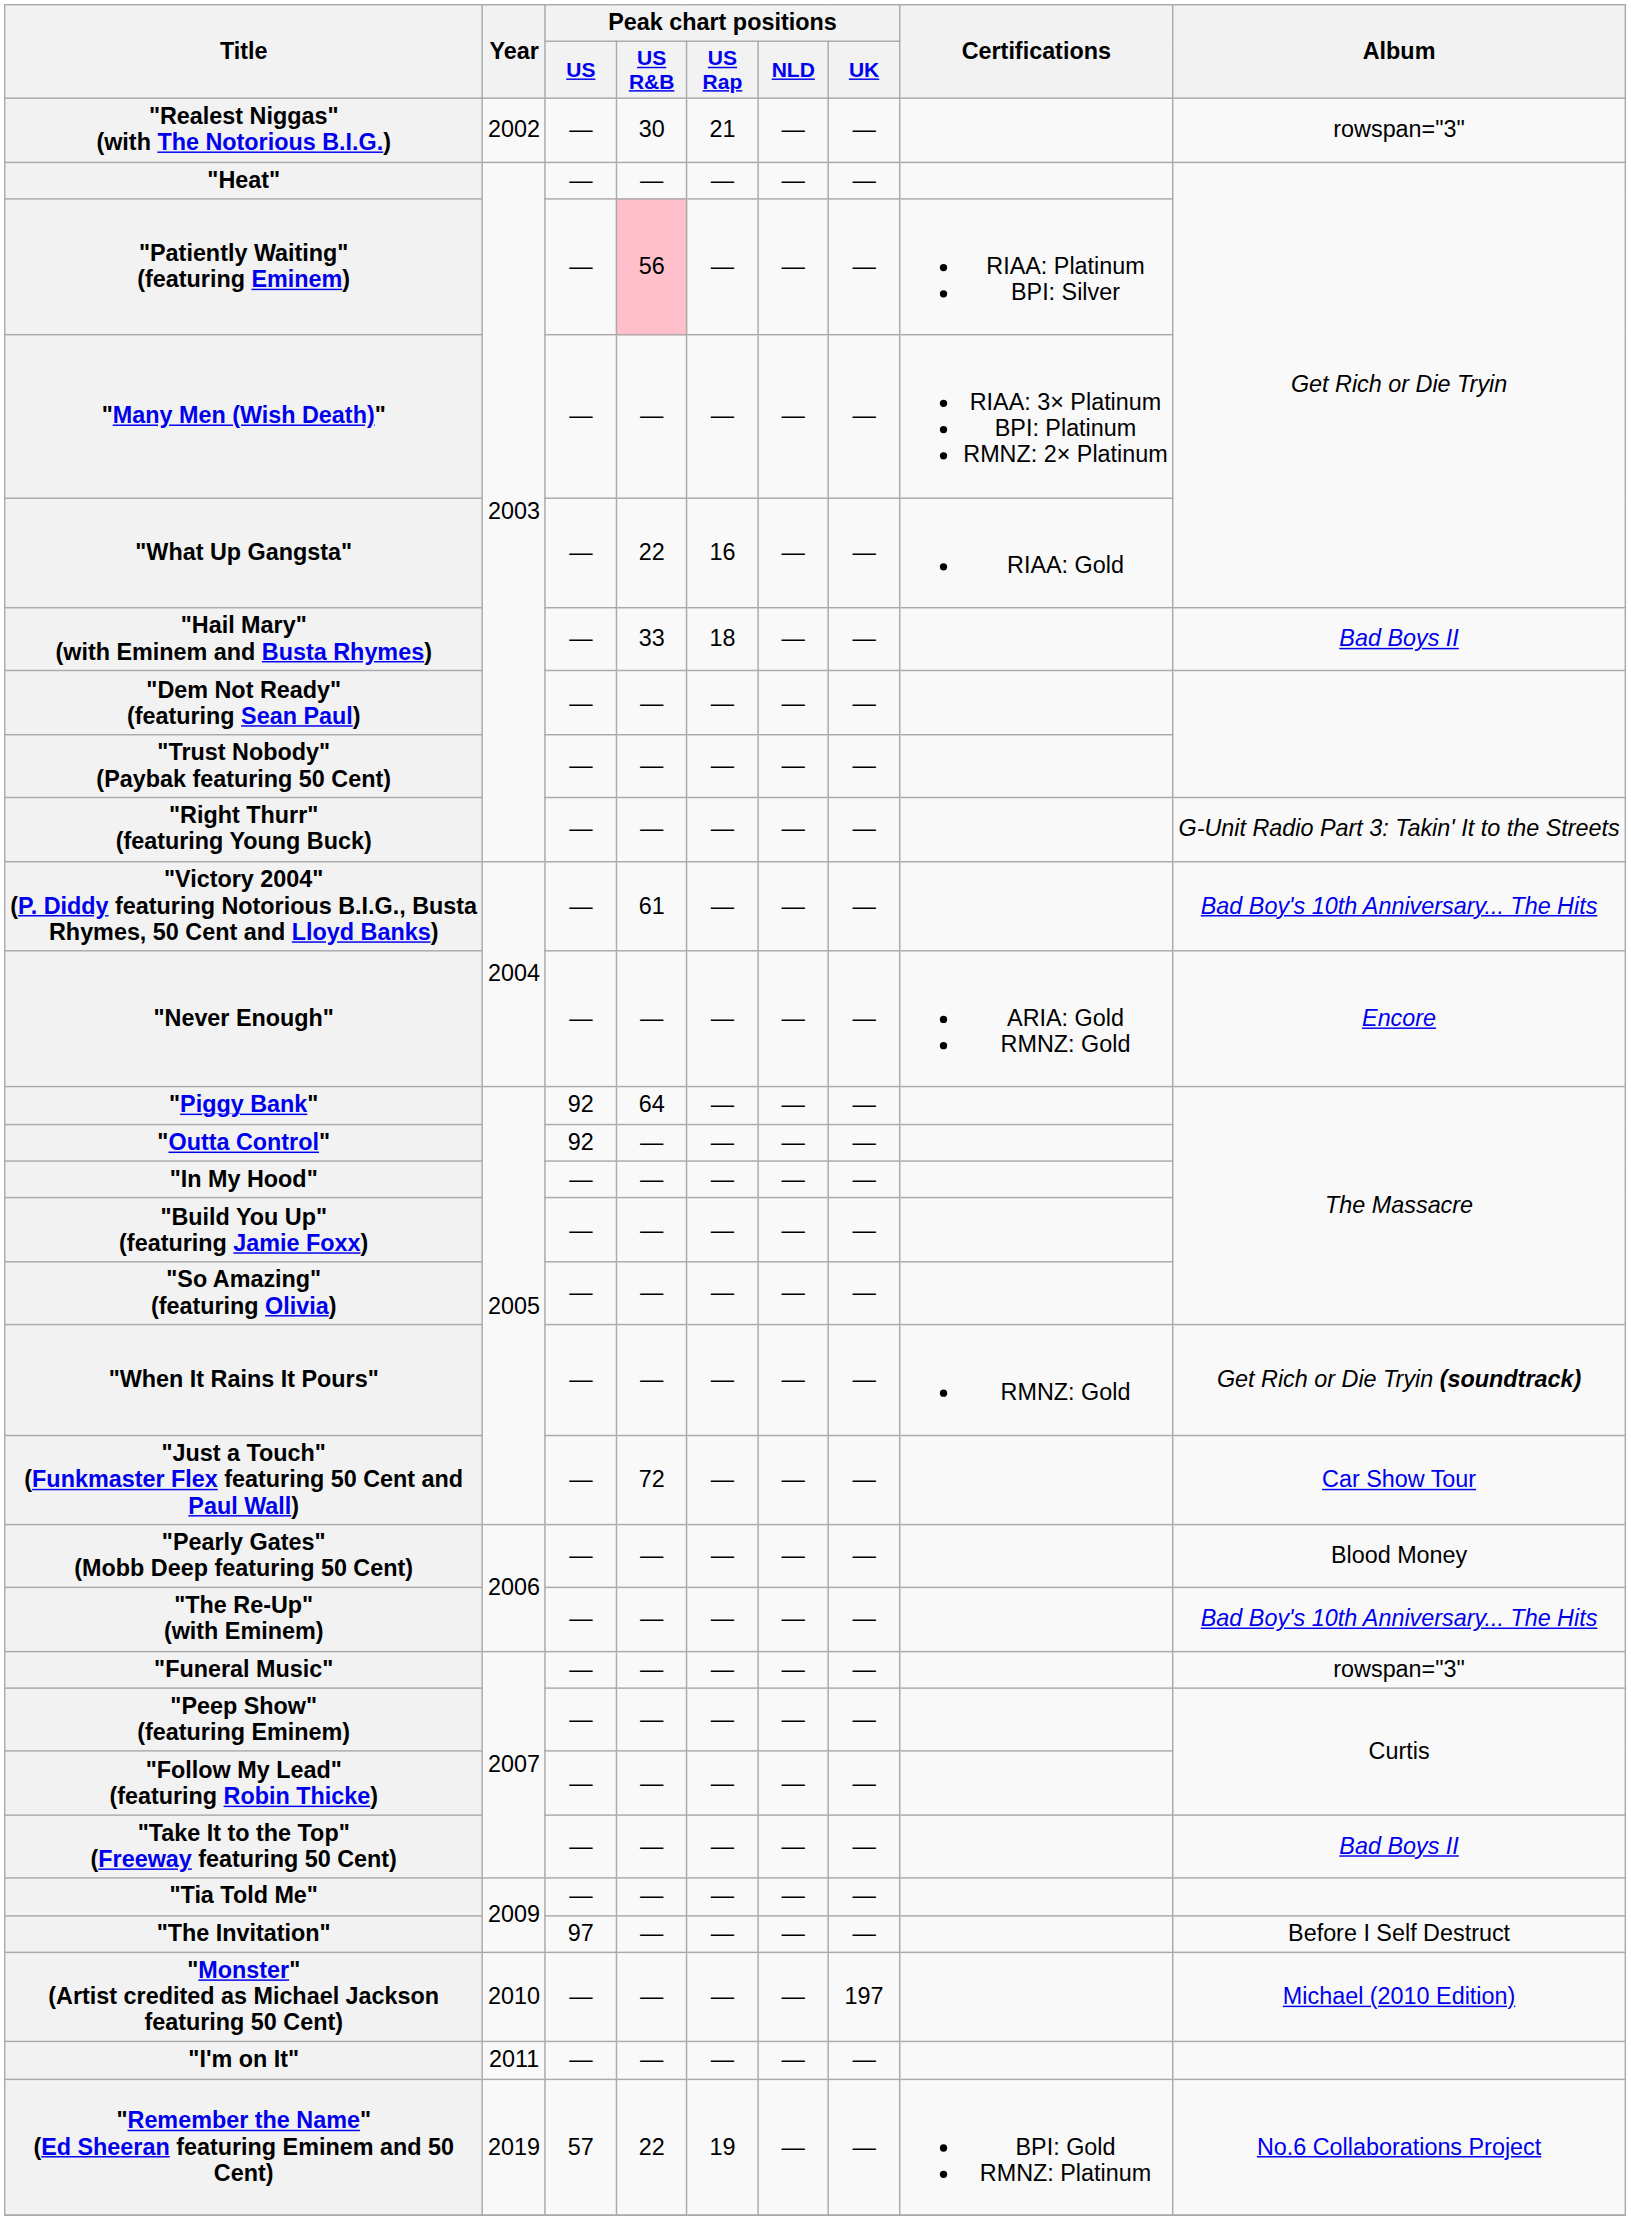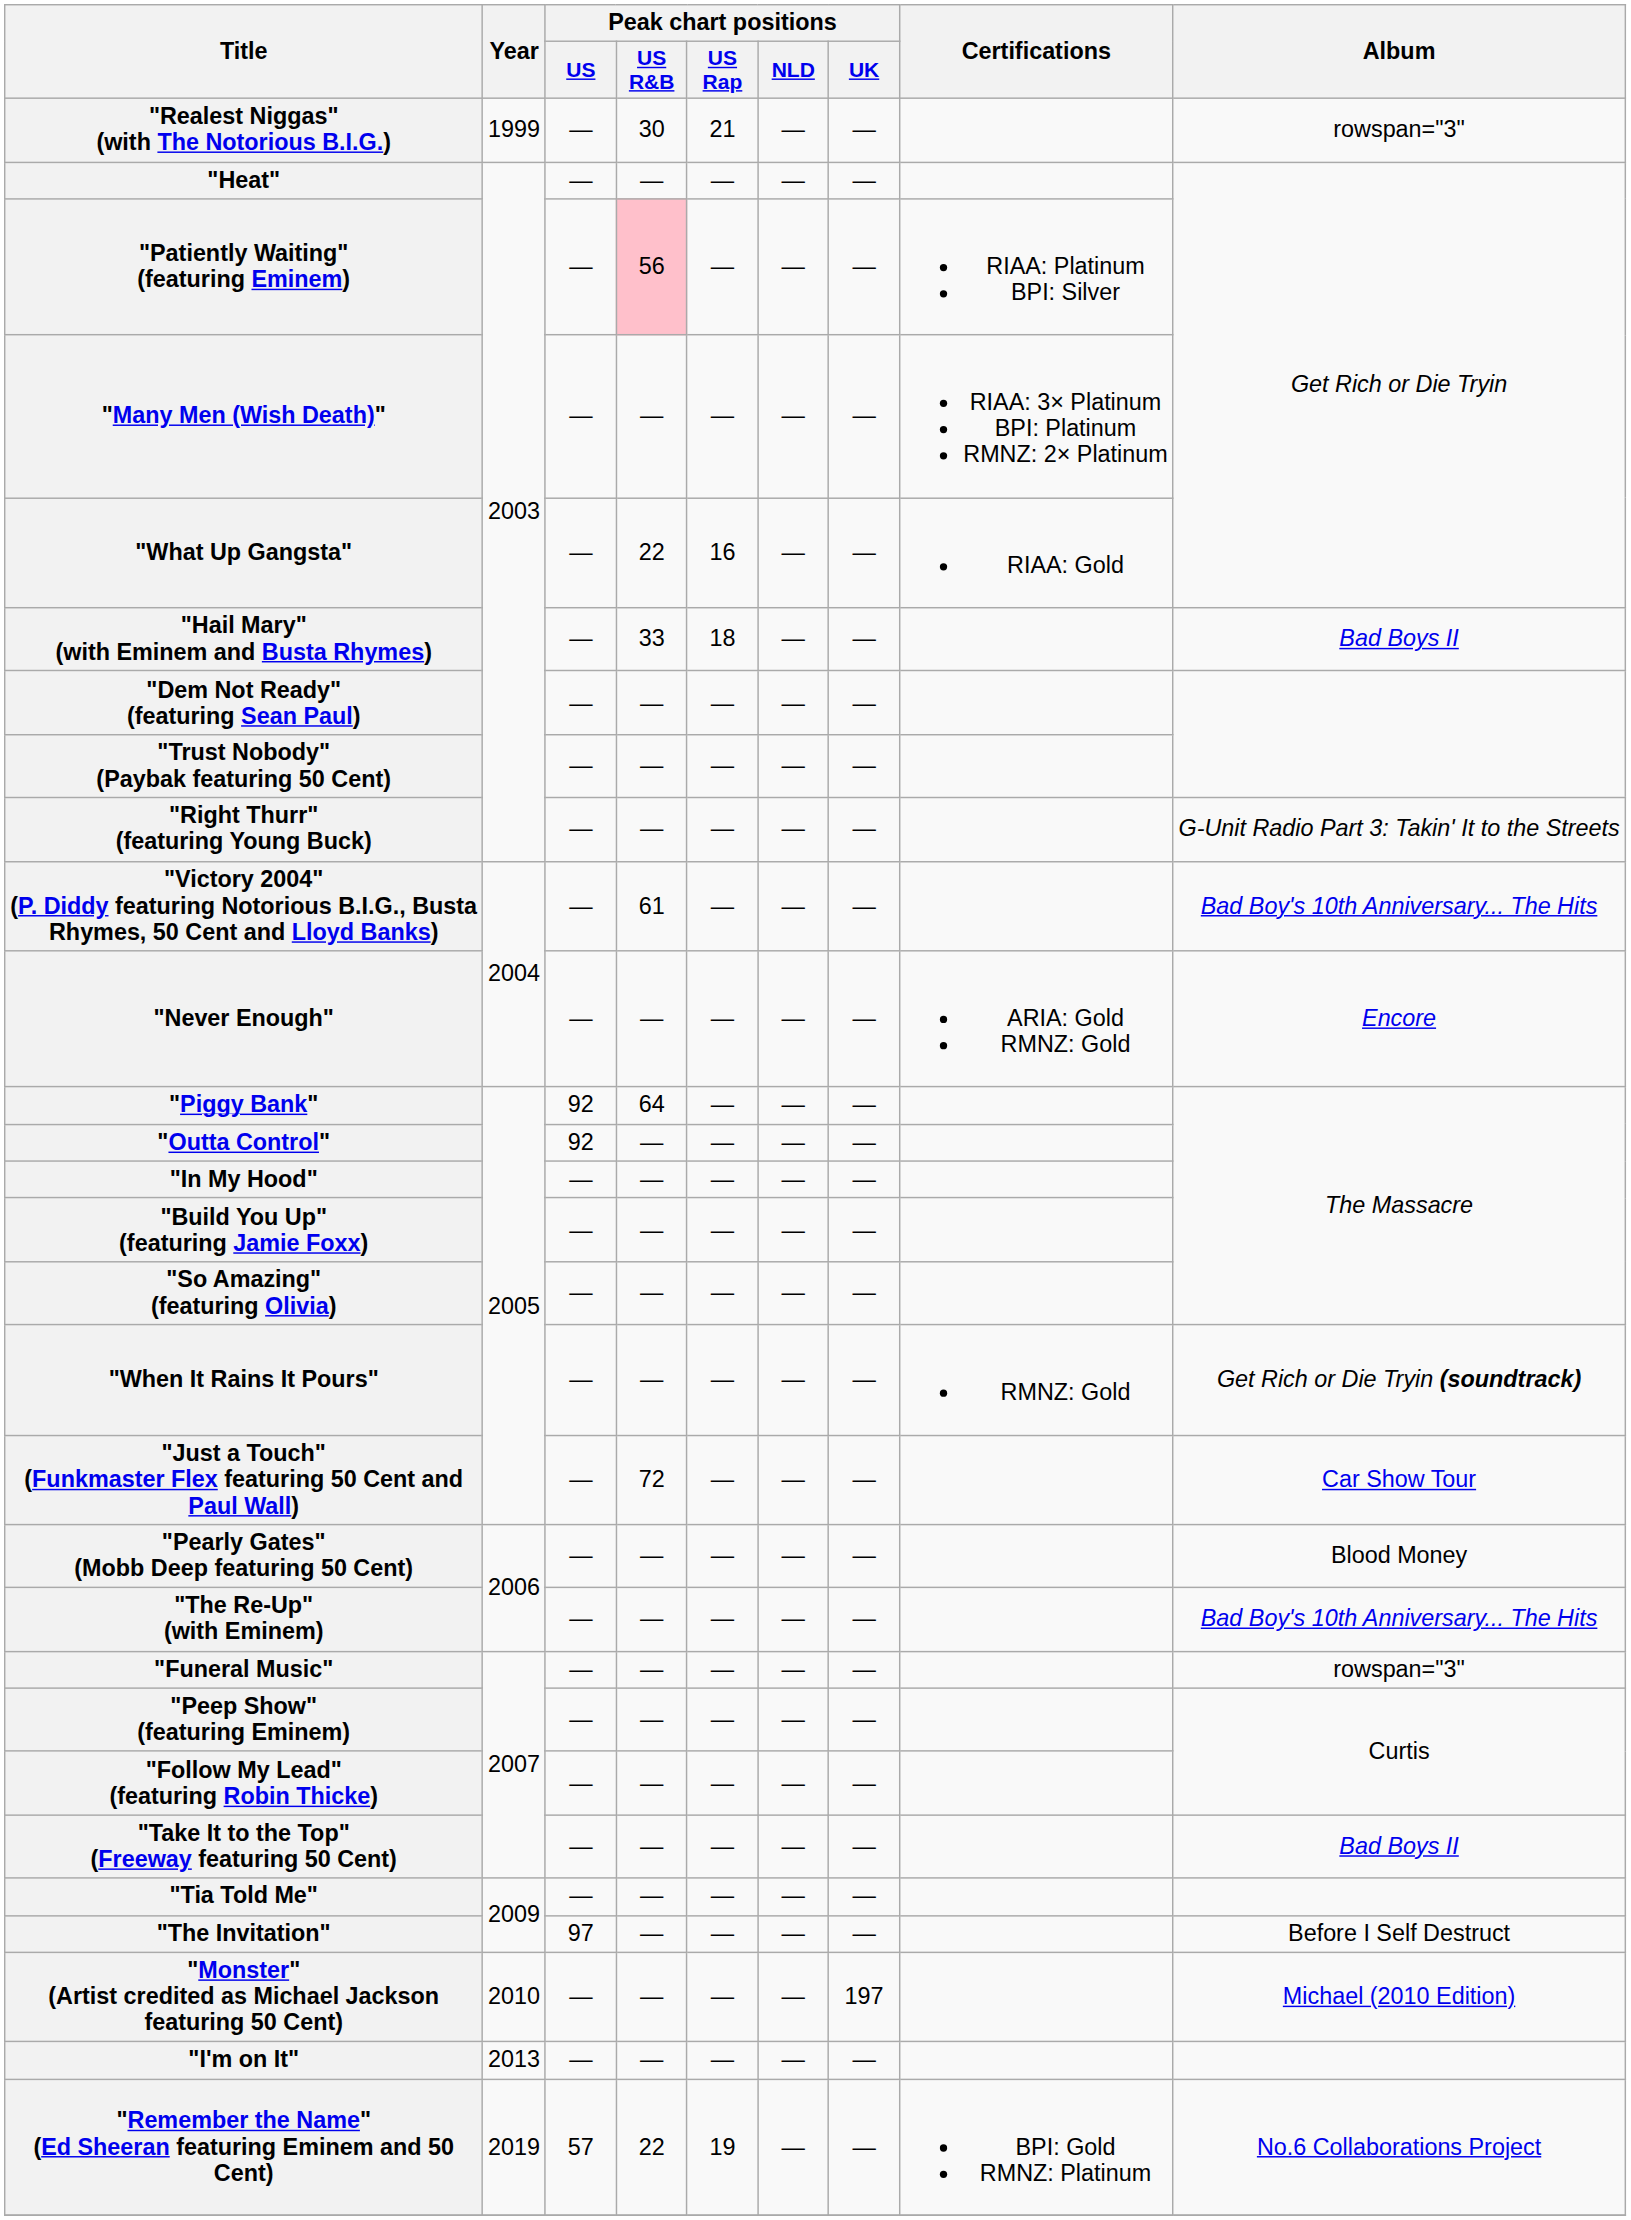 <table class="wikitable plainrowheaders" style="text-align:center;">
 <tr>
 <th scope="col" rowspan="2" style="width:20em;">Title</th>
 <th scope="col" rowspan="2">Year</th>
 <th scope="col" colspan="5">Peak chart positions</th>
 <th scope="col" rowspan="2">Certifications</th>
 <th scope="col" rowspan="2">Album</th>
 </tr>
 <tr>
 <th scope="col" style="width:2.9em;font-size:90%;"><a href='#'>US</a><br></th>
 <th scope="col" style="width:2.9em;font-size:90%;"><a href='#'>US<br>R&B</a><br></th>
 <th scope="col" style="width:2.9em;font-size:90%;"><a href='#'>US<br>Rap</a><br></th>
 <th scope="col" style="width:2.9em;font-size:90%;"><a href='#'>NLD</a><br></th>
 <th scope="col" style="width:2.9em;font-size:90%;"><a href='#'>UK</a><br></th>
 </tr>
 <tr>
 <th scope="row">"Realest Niggas"<br><span>(with <a href='#'>The Notorious B.I.G.</a>)</span></th>
-<td>2002</td>
+<td>1999</td>
 <td>—</td>
 <td>30</td>
 <td>21</td>
 <td>—</td>
 <td>—</td>
 <td></td>
 <td>rowspan="3" </td>
 </tr>
 <tr>
 <th scope="row">"Heat"</th>
 <td rowspan="8">2003</td>
 <td>—</td>
 <td>—</td>
 <td>—</td>
 <td>—</td>
 <td>—</td>
 <td></td>
 <td rowspan="4"><em>Get Rich or Die Tryin</em></td>
 </tr>
 <tr>
 <th scope="row">"Patiently Waiting"<br><span>(featuring <a href='#'>Eminem</a>)</span></th>
 <td>—</td>
 <td style="background: pink;">56</td>
 <td>—</td>
 <td>—</td>
 <td>—</td>
 <td><br><ul><li>RIAA: Platinum</li><li>BPI: Silver</li></ul></td>
 </tr>
 <tr>
 <th scope="row">"<a href='#'>Many Men (Wish Death)</a>"</th>
 <td>—</td>
 <td>—</td>
 <td>—</td>
 <td>—</td>
 <td>—</td>
 <td><br><ul><li>RIAA: 3× Platinum</li><li>BPI: Platinum</li><li>RMNZ: 2× Platinum</li></ul></td>
 </tr>
 <tr>
 <th scope="row">"What Up Gangsta"</th>
 <td>—</td>
 <td>22</td>
 <td>16</td>
 <td>—</td>
 <td>—</td>
 <td><br><ul><li>RIAA: Gold</li></ul></td>
 </tr>
 <tr>
 <th scope="row">"Hail Mary"<br><span>(with Eminem and <a href='#'>Busta Rhymes</a>)</span></th>
 <td>—</td>
 <td>33</td>
 <td>18</td>
 <td>—</td>
 <td>—</td>
 <td></td>
 <td><em><a href='#'>Bad Boys II</a></em></td>
 </tr>
 <tr>
 <th scope="row">"Dem Not Ready"<br><span>(featuring <a href='#'>Sean Paul</a>)</span></th>
 <td>—</td>
 <td>—</td>
 <td>—</td>
 <td>—</td>
 <td>—</td>
 <td></td>
 </tr>
 <tr>
 <th scope="row">"Trust Nobody"<br><span>(Paybak featuring 50 Cent)</span></th>
 <td>—</td>
 <td>—</td>
 <td>—</td>
 <td>—</td>
 <td>—</td>
 <td></td>
 </tr>
 <tr>
 <th scope="row">"Right Thurr"<br><span>(featuring Young Buck)</span></th>
 <td>—</td>
 <td>—</td>
 <td>—</td>
 <td>—</td>
 <td>—</td>
 <td></td>
 <td><em>G-Unit Radio Part 3: Takin' It to the Streets</em></td>
 </tr>
 <tr>
 <th scope="row">"Victory 2004"<br><span>(<a href='#'>P. Diddy</a> featuring Notorious B.I.G., Busta Rhymes, 50 Cent and <a href='#'>Lloyd Banks</a>)</span></th>
 <td rowspan=2>2004</td>
 <td>—</td>
 <td>61</td>
 <td>—</td>
 <td>—</td>
 <td>—</td>
 <td></td>
 <td><em><a href='#'>Bad Boy's 10th Anniversary... The Hits</a></em></td>
 </tr>
 <tr>
 <th scope="row">"Never Enough"<br></th>
 <td>—</td>
 <td>—</td>
 <td>—</td>
 <td>—</td>
 <td>—</td>
 <td><br><ul><li>ARIA: Gold</li><li>RMNZ: Gold</li></ul></td>
 <td><em><a href='#'>Encore</a></em></td>
 </tr>
 <tr>
 <th scope="row">"<a href='#'>Piggy Bank</a>"</th>
 <td rowspan="7">2005</td>
 <td>92</td>
 <td>64</td>
 <td>—</td>
 <td>—</td>
 <td>—</td>
 <td></td>
 <td rowspan="5"><em>The Massacre</em></td>
 </tr>
 <tr>
 <th scope="row">"<a href='#'>Outta Control</a>"</th>
 <td>92</td>
 <td>—</td>
 <td>—</td>
 <td>—</td>
 <td>—</td>
 <td></td>
 </tr>
 <tr>
 <th scope="row">"In My Hood"</th>
 <td>—</td>
 <td>—</td>
 <td>—</td>
 <td>—</td>
 <td>—</td>
 <td></td>
 </tr>
 <tr>
 <th scope="row">"Build You Up"<br><span>(featuring <a href='#'>Jamie Foxx</a>)</span></th>
 <td>—</td>
 <td>—</td>
 <td>—</td>
 <td>—</td>
 <td>—</td>
 <td></td>
 </tr>
 <tr>
 <th scope="row">"So Amazing"<br><span>(featuring <a href='#'>Olivia</a>)</span></th>
 <td>—</td>
 <td>—</td>
 <td>—</td>
 <td>—</td>
 <td>—</td>
 <td></td>
 </tr>
 <tr>
 <th scope="row">"When It Rains It Pours"</th>
 <td>—</td>
 <td>—</td>
 <td>—</td>
 <td>—</td>
 <td>—</td>
 <td><br><ul><li>RMNZ: Gold</li></ul></td>
 <td><em>Get Rich or Die Tryin<strong> (soundtrack)</td>
 </tr>
 <tr>
 <th scope="row">"Just a Touch"<br><span>(<a href='#'>Funkmaster Flex</a> featuring 50 Cent and <a href='#'>Paul Wall</a>)</span></th>
 <td>—</td>
 <td>72</td>
 <td>—</td>
 <td>—</td>
 <td>—</td>
 <td></td>
 <td></em><a href='#'>Car Show Tour</a><em></td>
 </tr>
 <tr>
 <th scope="row">"Pearly Gates"<br><span>(Mobb Deep featuring 50 Cent)</span></th>
 <td rowspan="2">2006</td>
 <td>—</td>
 <td>—</td>
 <td>—</td>
 <td>—</td>
 <td>—</td>
 <td></td>
 <td></em>Blood Money<em></td>
 </tr>
 <tr>
 <th scope="row">"The Re-Up"<br><span>(with Eminem)</span></th>
 <td>—</td>
 <td>—</td>
 <td>—</td>
 <td>—</td>
 <td>—</td>
 <td></td>
 <td><em><a href='#'>Bad Boy's 10th Anniversary... The Hits</a></em></td>
 </tr>
 <tr>
 <th scope="row">"Funeral Music"</th>
 <td rowspan="4">2007</td>
 <td>—</td>
 <td>—</td>
 <td>—</td>
 <td>—</td>
 <td>—</td>
 <td></td>
 <td>rowspan="3" </td>
 </tr>
 <tr>
 <th scope="row">"Peep Show"<br><span>(featuring Eminem)</span></th>
 <td>—</td>
 <td>—</td>
 <td>—</td>
 <td>—</td>
 <td>—</td>
 <td></td>
 <td rowspan="2"></em>Curtis<em></td>
 </tr>
 <tr>
 <th scope="row">"Follow My Lead"<br><span>(featuring <a href='#'>Robin Thicke</a>)</span></th>
 <td>—</td>
 <td>—</td>
 <td>—</td>
 <td>—</td>
 <td>—</td>
 <td></td>
 </tr>
 <tr>
 <th scope="row">"Take It to the Top"<br><span>(<a href='#'>Freeway</a> featuring 50 Cent)</span></th>
 <td>—</td>
 <td>—</td>
 <td>—</td>
 <td>—</td>
 <td>—</td>
 <td></td>
 <td><em><a href='#'>Bad Boys II</a></em></td>
 </tr>
 <tr>
 <th scope="row">"Tia Told Me"</th>
 <td rowspan="2">2009</td>
 <td>—</td>
 <td>—</td>
 <td>—</td>
 <td>—</td>
 <td>—</td>
 <td></td>
 <td></td>
 </tr>
 <tr>
 <th scope="row">"The Invitation"</th>
 <td>97</td>
 <td>—</td>
 <td>—</td>
 <td>—</td>
 <td>—</td>
 <td></td>
 <td></em>Before I Self Destruct<em></td>
 </tr>
 <tr>
 <th scope="row">"<a href='#'>Monster</a>"<br><span>(Artist credited as Michael Jackson featuring 50 Cent)</span></th>
 <td>2010</td>
 <td>—</td>
 <td>—</td>
 <td>—</td>
 <td>—</td>
 <td>197</td>
 <td></td>
 <td></em><a href='#'>Michael (2010 Edition)</a><em></td>
 </tr>
 <tr>
 <th scope="row">"I'm on It"</th>
-<td>2011</td>
+<td>2013</td>
 <td>—</td>
 <td>—</td>
 <td>—</td>
 <td>—</td>
 <td>—</td>
 <td></td>
 <td></td>
 </tr>
 <tr>
 <th scope="row">"<a href='#'>Remember the Name</a>"<br><span>(<a href='#'>Ed Sheeran</a> featuring Eminem and 50 Cent)</span></th>
 <td>2019</td>
 <td>57</td>
 <td>22</td>
 <td>19</td>
 <td>—</td>
 <td>—</td>
 <td><br><ul><li>BPI: Gold</li><li>RMNZ: Platinum</li></ul></td>
 <td></em><a href='#'>No.6 Collaborations Project</a><em></td>
 </tr>
 <tr>
 </tr>
 </table>
